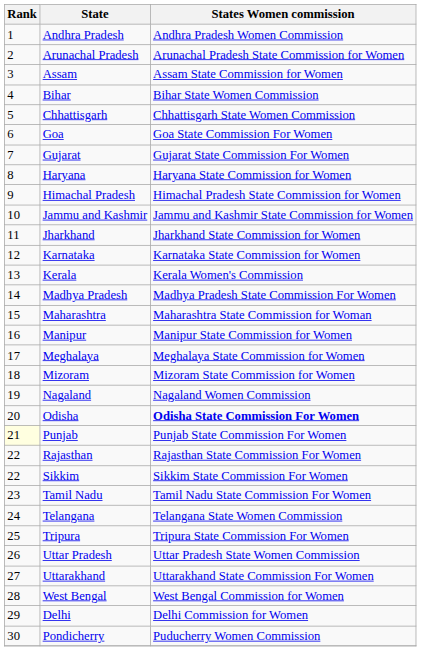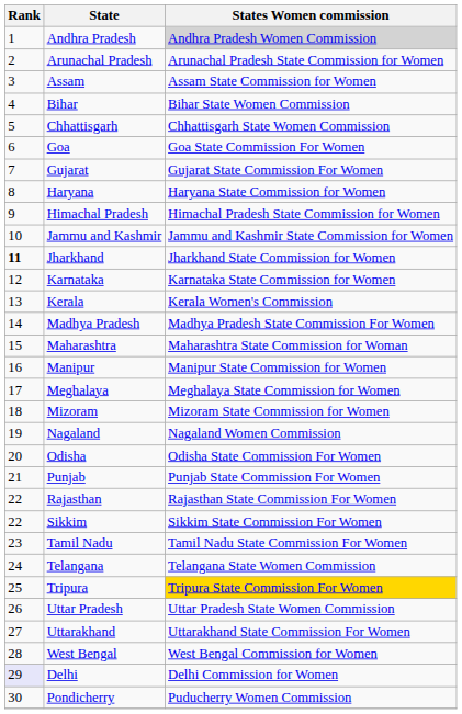 <table class="wikitable sortable">
 <tr>
 <th>Rank</th>
 <th>State</th>
 <th>States Women commission</th>
 </tr>
 <tr>
 <td>1</td>
 <td><a href='#'>Andhra Pradesh</a></td>
-<td><a href='#'>Andhra Pradesh Women Commission</a></td>
+<td style="background: lightgrey;"><a href='#'>Andhra Pradesh Women Commission</a></td>
 </tr>
 <tr>
 <td>2</td>
 <td><a href='#'>Arunachal Pradesh</a></td>
 <td><a href='#'>Arunachal Pradesh State Commission for Women</a></td>
 </tr>
 <tr>
 <td>3</td>
 <td><a href='#'>Assam</a></td>
 <td><a href='#'>Assam State Commission for Women</a></td>
 </tr>
 <tr>
 <td>4</td>
 <td><a href='#'>Bihar</a></td>
 <td><a href='#'>Bihar State Women Commission</a></td>
 </tr>
 <tr>
 <td>5</td>
 <td><a href='#'>Chhattisgarh</a></td>
 <td><a href='#'>Chhattisgarh State Women Commission</a></td>
 </tr>
 <tr>
 <td>6</td>
 <td><a href='#'>Goa</a></td>
 <td><a href='#'>Goa State Commission For Women</a></td>
 </tr>
 <tr>
 <td>7</td>
 <td><a href='#'>Gujarat</a></td>
 <td><a href='#'>Gujarat State Commission For Women</a></td>
 </tr>
 <tr>
 <td>8</td>
 <td><a href='#'>Haryana</a></td>
 <td><a href='#'>Haryana State Commission for Women</a></td>
 </tr>
 <tr>
 <td>9</td>
 <td><a href='#'>Himachal Pradesh</a></td>
 <td><a href='#'>Himachal Pradesh State Commission for Women</a></td>
 </tr>
 <tr>
 <td>10</td>
 <td><a href='#'>Jammu and Kashmir</a></td>
 <td><a href='#'>Jammu and Kashmir State Commission for Women</a></td>
 </tr>
 <tr>
-<td>11</td>
+<td><strong>11</strong></td>
 <td><a href='#'>Jharkhand</a></td>
 <td><a href='#'>Jharkhand State Commission for Women</a></td>
 </tr>
 <tr>
 <td>12</td>
 <td><a href='#'>Karnataka</a></td>
 <td><a href='#'>Karnataka State Commission for Women</a></td>
 </tr>
 <tr>
 <td>13</td>
 <td><a href='#'>Kerala</a></td>
 <td><a href='#'>Kerala Women's Commission</a></td>
 </tr>
 <tr>
 <td>14</td>
 <td><a href='#'>Madhya Pradesh</a></td>
 <td><a href='#'>Madhya Pradesh State Commission For Women</a></td>
 </tr>
 <tr>
 <td>15</td>
 <td><a href='#'>Maharashtra</a></td>
 <td><a href='#'>Maharashtra State Commission for Woman</a></td>
 </tr>
 <tr>
 <td>16</td>
 <td><a href='#'>Manipur</a></td>
 <td><a href='#'>Manipur State Commission for Women</a></td>
 </tr>
 <tr>
 <td>17</td>
 <td><a href='#'>Meghalaya</a></td>
 <td><a href='#'>Meghalaya State Commission for Women</a></td>
 </tr>
 <tr>
 <td>18</td>
 <td><a href='#'>Mizoram</a></td>
 <td><a href='#'>Mizoram State Commission for Women</a></td>
 </tr>
 <tr>
 <td>19</td>
 <td><a href='#'>Nagaland</a></td>
 <td><a href='#'>Nagaland Women Commission</a></td>
 </tr>
 <tr>
 <td>20</td>
 <td><a href='#'>Odisha</a></td>
-<td><strong><a href='#'>Odisha State Commission For Women</a></strong></td>
+<td><a href='#'>Odisha State Commission For Women</a></td>
 </tr>
 <tr>
-<td style="background: lightyellow;">21</td>
+<td>21</td>
 <td><a href='#'>Punjab</a></td>
 <td><a href='#'>Punjab State Commission For Women</a></td>
 </tr>
 <tr>
 <td>22</td>
 <td><a href='#'>Rajasthan</a></td>
 <td><a href='#'>Rajasthan State Commission For Women</a></td>
 </tr>
 <tr>
 <td>22</td>
 <td><a href='#'>Sikkim</a></td>
 <td><a href='#'>Sikkim State Commission For Women</a></td>
 </tr>
 <tr>
 <td>23</td>
 <td><a href='#'>Tamil Nadu</a></td>
 <td><a href='#'>Tamil Nadu State Commission For Women</a></td>
 </tr>
 <tr>
 <td>24</td>
 <td><a href='#'>Telangana</a></td>
 <td><a href='#'>Telangana State Women Commission</a></td>
 </tr>
 <tr>
 <td>25</td>
 <td><a href='#'>Tripura</a></td>
-<td><a href='#'>Tripura State Commission For Women</a></td>
+<td style="background: gold;"><a href='#'>Tripura State Commission For Women</a></td>
 </tr>
 <tr>
 <td>26</td>
 <td><a href='#'>Uttar Pradesh</a></td>
 <td><a href='#'>Uttar Pradesh State Women Commission</a></td>
 </tr>
 <tr>
 <td>27</td>
 <td><a href='#'>Uttarakhand</a></td>
 <td><a href='#'>Uttarakhand State Commission For Women</a></td>
 </tr>
 <tr>
 <td>28</td>
 <td><a href='#'>West Bengal</a></td>
 <td><a href='#'>West Bengal Commission for Women</a></td>
 </tr>
 <tr>
-<td>29</td>
+<td style="background: lavender;">29</td>
 <td><a href='#'>Delhi</a></td>
 <td><a href='#'>Delhi Commission for Women</a></td>
 </tr>
 <tr>
 <td>30</td>
 <td><a href='#'>Pondicherry</a></td>
 <td><a href='#'>Puducherry Women Commission</a></td>
 </tr>
 <tr>
 </tr>
 </table>
